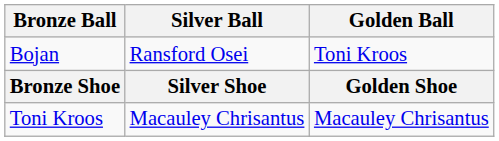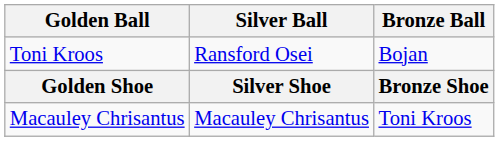 <table class="wikitable" style="margin:auto">
 <tr>
+<th>Golden Ball</th>
+<th>Silver Ball</th>
 <th>Bronze Ball</th>
-<th>Silver Ball</th>
-<th>Golden Ball</th>
-</tr>
-<tr>
-<td> <a href='#'>Bojan</a></td>
-<td> <a href='#'>Ransford Osei</a></td>
-<td> <a href='#'>Toni Kroos</a></td>
-</tr>
-<tr>
-<th>Bronze Shoe</th>
-<th>Silver Shoe</th>
-<th>Golden Shoe</th>
 </tr>
 <tr>
 <td> <a href='#'>Toni Kroos</a></td>
+<td> <a href='#'>Ransford Osei</a></td>
+<td> <a href='#'>Bojan</a></td>
+</tr>
+<tr>
+<th>Golden Shoe</th>
+<th>Silver Shoe</th>
+<th>Bronze Shoe</th>
+</tr>
+<tr>
 <td> <a href='#'>Macauley Chrisantus</a></td>
 <td> <a href='#'>Macauley Chrisantus</a></td>
+<td> <a href='#'>Toni Kroos</a></td>
 </tr>
 </table>
